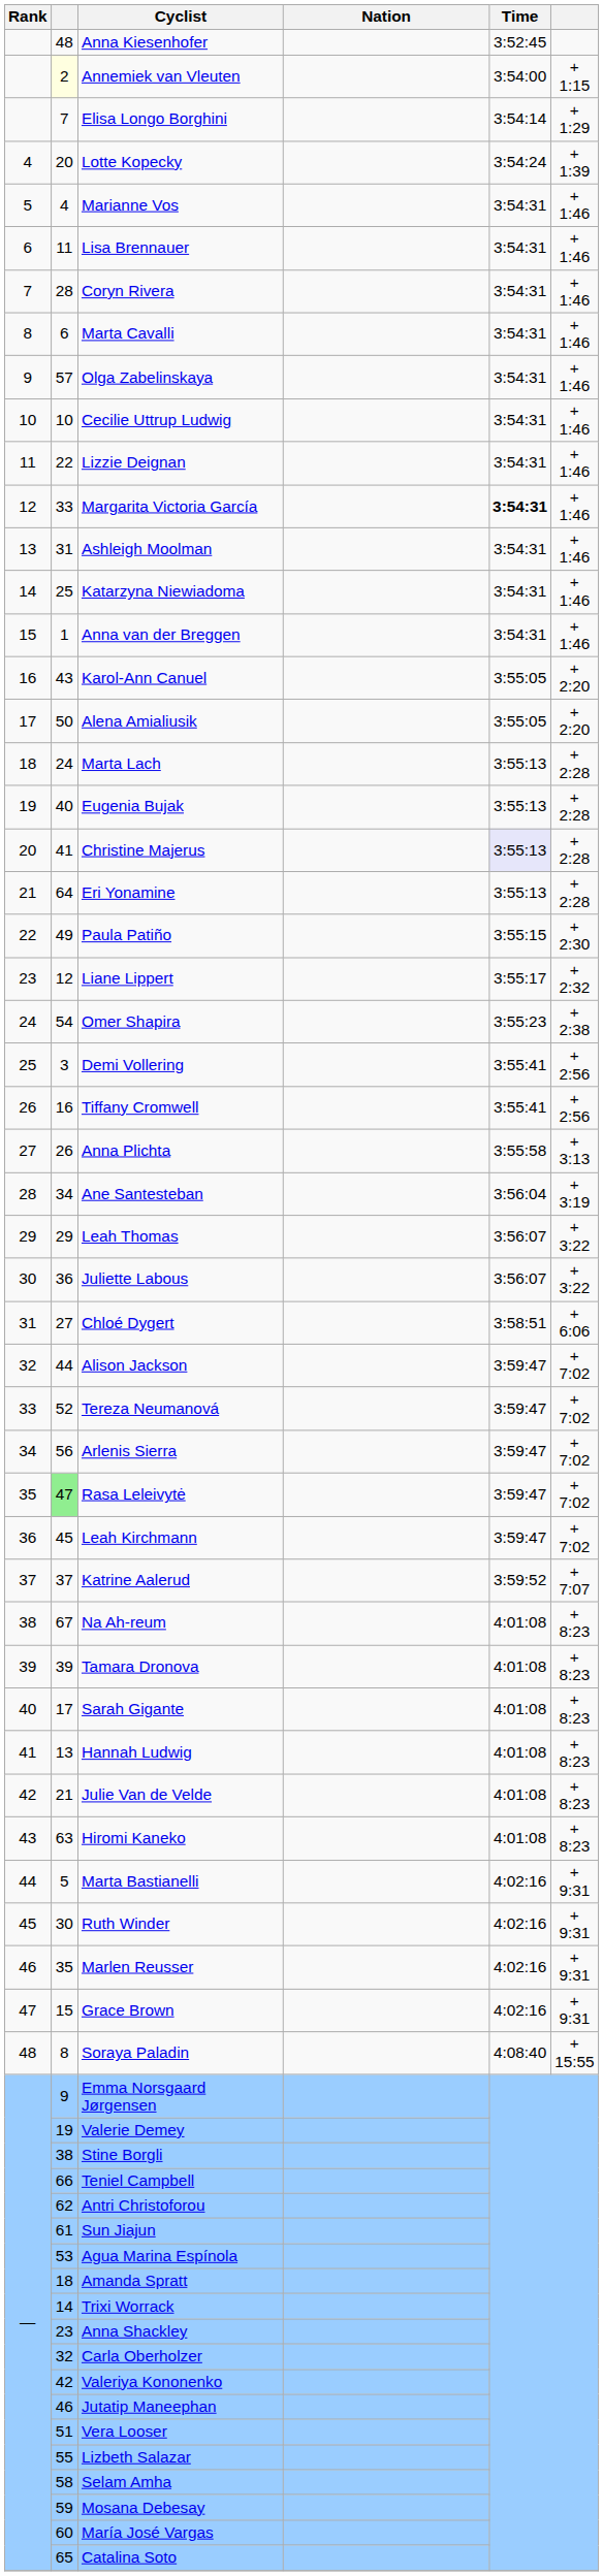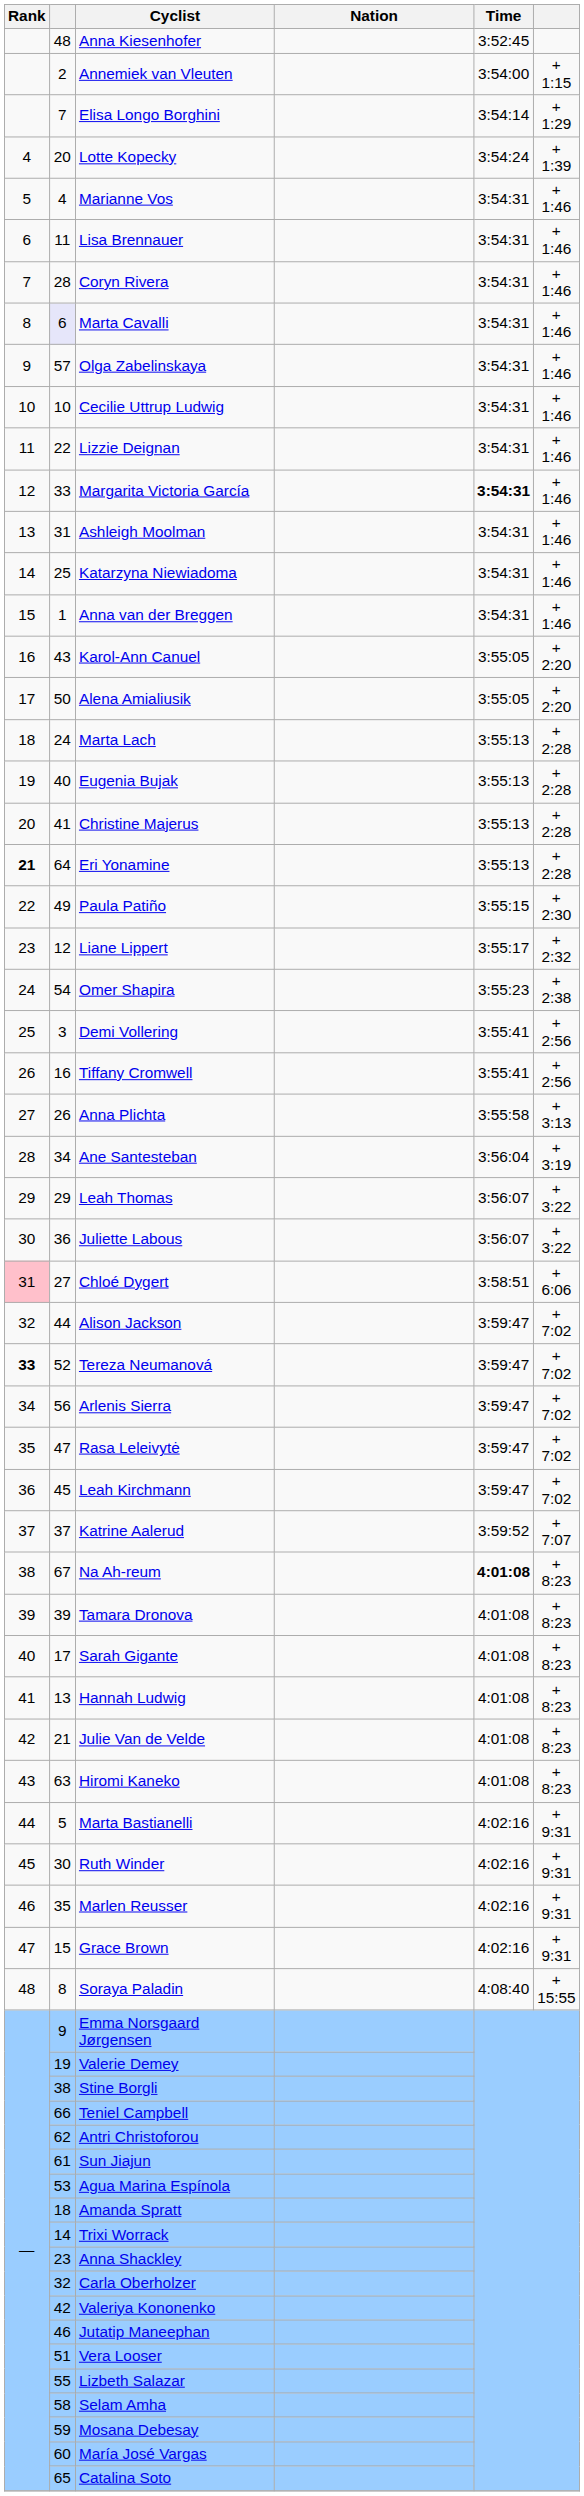 <table class="wikitable sortable" style="text-align:center">
 <tr style="background:#efefef;">
 <th width="30">Rank</th>
 <th width="20"></th>
 <th width="200">Cyclist</th>
 <th width="200">Nation</th>
 <th width="40">Time</th>
 <th width="40"></th>
 </tr>
 <tr>
 <td></td>
 <td>48</td>
 <td align="left"><a href='#'>Anna Kiesenhofer</a></td>
 <td align="left"></td>
 <td>3:52:45</td>
 <td></td>
 </tr>
 <tr>
 <td></td>
-<td style="background: lightyellow;">2</td>
+<td>2</td>
 <td align="left"><a href='#'>Annemiek van Vleuten</a></td>
 <td align="left"></td>
 <td>3:54:00</td>
 <td>+ 1:15</td>
 </tr>
 <tr>
 <td></td>
 <td>7</td>
 <td align="left"><a href='#'>Elisa Longo Borghini</a></td>
 <td align="left"></td>
 <td>3:54:14</td>
 <td>+ 1:29</td>
 </tr>
 <tr>
 <td>4</td>
 <td>20</td>
 <td align="left"><a href='#'>Lotte Kopecky</a></td>
 <td align="left"></td>
 <td>3:54:24</td>
 <td>+ 1:39</td>
 </tr>
 <tr>
 <td>5</td>
 <td>4</td>
 <td align="left"><a href='#'>Marianne Vos</a></td>
 <td align="left"></td>
 <td>3:54:31</td>
 <td>+ 1:46</td>
 </tr>
 <tr>
 <td>6</td>
 <td>11</td>
 <td align="left"><a href='#'>Lisa Brennauer</a></td>
 <td align="left"></td>
 <td>3:54:31</td>
 <td>+ 1:46</td>
 </tr>
 <tr>
 <td>7</td>
 <td>28</td>
 <td align="left"><a href='#'>Coryn Rivera</a></td>
 <td align="left"></td>
 <td>3:54:31</td>
 <td>+ 1:46</td>
 </tr>
 <tr>
 <td>8</td>
-<td>6</td>
+<td style="background: lavender;">6</td>
 <td align="left"><a href='#'>Marta Cavalli</a></td>
 <td align="left"></td>
 <td>3:54:31</td>
 <td>+ 1:46</td>
 </tr>
 <tr>
 <td>9</td>
 <td>57</td>
 <td align="left"><a href='#'>Olga Zabelinskaya</a></td>
 <td align="left"></td>
 <td>3:54:31</td>
 <td>+ 1:46</td>
 </tr>
 <tr>
 <td>10</td>
 <td>10</td>
 <td align="left"><a href='#'>Cecilie Uttrup Ludwig</a></td>
 <td align="left"></td>
 <td>3:54:31</td>
 <td>+ 1:46</td>
 </tr>
 <tr>
 <td>11</td>
 <td>22</td>
 <td align="left"><a href='#'>Lizzie Deignan</a></td>
 <td align="left"></td>
 <td>3:54:31</td>
 <td>+ 1:46</td>
 </tr>
 <tr>
 <td>12</td>
 <td>33</td>
 <td align="left"><a href='#'>Margarita Victoria García</a></td>
 <td align="left"></td>
 <td><strong>3:54:31</strong></td>
 <td>+ 1:46</td>
 </tr>
 <tr>
 <td>13</td>
 <td>31</td>
 <td align="left"><a href='#'>Ashleigh Moolman</a></td>
 <td align="left"></td>
 <td>3:54:31</td>
 <td>+ 1:46</td>
 </tr>
 <tr>
 <td>14</td>
 <td>25</td>
 <td align="left"><a href='#'>Katarzyna Niewiadoma</a></td>
 <td align="left"></td>
 <td>3:54:31</td>
 <td>+ 1:46</td>
 </tr>
 <tr>
 <td>15</td>
 <td>1</td>
 <td align="left"><a href='#'>Anna van der Breggen</a></td>
 <td align="left"></td>
 <td>3:54:31</td>
 <td>+ 1:46</td>
 </tr>
 <tr>
 <td>16</td>
 <td>43</td>
 <td align="left"><a href='#'>Karol-Ann Canuel</a></td>
 <td align="left"></td>
 <td>3:55:05</td>
 <td>+ 2:20</td>
 </tr>
 <tr>
 <td>17</td>
 <td>50</td>
 <td align="left"><a href='#'>Alena Amialiusik</a></td>
 <td align="left"></td>
 <td>3:55:05</td>
 <td>+ 2:20</td>
 </tr>
 <tr>
 <td>18</td>
 <td>24</td>
 <td align="left"><a href='#'>Marta Lach</a></td>
 <td align="left"></td>
 <td>3:55:13</td>
 <td>+ 2:28</td>
 </tr>
 <tr>
 <td>19</td>
 <td>40</td>
 <td align="left"><a href='#'>Eugenia Bujak</a></td>
 <td align="left"></td>
 <td>3:55:13</td>
 <td>+ 2:28</td>
 </tr>
 <tr>
 <td>20</td>
 <td>41</td>
 <td align="left"><a href='#'>Christine Majerus</a></td>
 <td align="left"></td>
-<td style="background: lavender;">3:55:13</td>
+<td>3:55:13</td>
 <td>+ 2:28</td>
 </tr>
 <tr>
-<td>21</td>
+<td><strong>21</strong></td>
 <td>64</td>
 <td align="left"><a href='#'>Eri Yonamine</a></td>
 <td align="left"></td>
 <td>3:55:13</td>
 <td>+ 2:28</td>
 </tr>
 <tr>
 <td>22</td>
 <td>49</td>
 <td align="left"><a href='#'>Paula Patiño</a></td>
 <td align="left"></td>
 <td>3:55:15</td>
 <td>+ 2:30</td>
 </tr>
 <tr>
 <td>23</td>
 <td>12</td>
 <td align="left"><a href='#'>Liane Lippert</a></td>
 <td align="left"></td>
 <td>3:55:17</td>
 <td>+ 2:32</td>
 </tr>
 <tr>
 <td>24</td>
 <td>54</td>
 <td align="left"><a href='#'>Omer Shapira</a></td>
 <td align="left"></td>
 <td>3:55:23</td>
 <td>+ 2:38</td>
 </tr>
 <tr>
 <td>25</td>
 <td>3</td>
 <td align="left"><a href='#'>Demi Vollering</a></td>
 <td align="left"></td>
 <td>3:55:41</td>
 <td>+ 2:56</td>
 </tr>
 <tr>
 <td>26</td>
 <td>16</td>
 <td align="left"><a href='#'>Tiffany Cromwell</a></td>
 <td align="left"></td>
 <td>3:55:41</td>
 <td>+ 2:56</td>
 </tr>
 <tr>
 <td>27</td>
 <td>26</td>
 <td align="left"><a href='#'>Anna Plichta</a></td>
 <td align="left"></td>
 <td>3:55:58</td>
 <td>+ 3:13</td>
 </tr>
 <tr>
 <td>28</td>
 <td>34</td>
 <td align="left"><a href='#'>Ane Santesteban</a></td>
 <td align="left"></td>
 <td>3:56:04</td>
 <td>+ 3:19</td>
 </tr>
 <tr>
 <td>29</td>
 <td>29</td>
 <td align="left"><a href='#'>Leah Thomas</a></td>
 <td align="left"></td>
 <td>3:56:07</td>
 <td>+ 3:22</td>
 </tr>
 <tr>
 <td>30</td>
 <td>36</td>
 <td align="left"><a href='#'>Juliette Labous</a></td>
 <td align="left"></td>
 <td>3:56:07</td>
 <td>+ 3:22</td>
 </tr>
 <tr>
-<td>31</td>
+<td style="background: pink;">31</td>
 <td>27</td>
 <td align="left"><a href='#'>Chloé Dygert</a></td>
 <td align="left"></td>
 <td>3:58:51</td>
 <td>+ 6:06</td>
 </tr>
 <tr>
 <td>32</td>
 <td>44</td>
 <td align="left"><a href='#'>Alison Jackson</a></td>
 <td align="left"></td>
 <td>3:59:47</td>
 <td>+ 7:02</td>
 </tr>
 <tr>
-<td>33</td>
+<td><strong>33</strong></td>
 <td>52</td>
 <td align="left"><a href='#'>Tereza Neumanová</a></td>
 <td align="left"></td>
 <td>3:59:47</td>
 <td>+ 7:02</td>
 </tr>
 <tr>
 <td>34</td>
 <td>56</td>
 <td align="left"><a href='#'>Arlenis Sierra</a></td>
 <td align="left"></td>
 <td>3:59:47</td>
 <td>+ 7:02</td>
 </tr>
 <tr>
 <td>35</td>
-<td style="background: lightgreen;">47</td>
+<td>47</td>
 <td align="left"><a href='#'>Rasa Leleivytė</a></td>
 <td align="left"></td>
 <td>3:59:47</td>
 <td>+ 7:02</td>
 </tr>
 <tr>
 <td>36</td>
 <td>45</td>
 <td align="left"><a href='#'>Leah Kirchmann</a></td>
 <td align="left"></td>
 <td>3:59:47</td>
 <td>+ 7:02</td>
 </tr>
 <tr>
 <td>37</td>
 <td>37</td>
 <td align="left"><a href='#'>Katrine Aalerud</a></td>
 <td align="left"></td>
 <td>3:59:52</td>
 <td>+ 7:07</td>
 </tr>
 <tr>
 <td>38</td>
 <td>67</td>
 <td align="left"><a href='#'>Na Ah-reum</a></td>
 <td align="left"></td>
-<td>4:01:08</td>
+<td><strong>4:01:08</strong></td>
 <td>+ 8:23</td>
 </tr>
 <tr>
 <td>39</td>
 <td>39</td>
 <td align="left"><a href='#'>Tamara Dronova</a></td>
 <td align="left"></td>
 <td>4:01:08</td>
 <td>+ 8:23</td>
 </tr>
 <tr>
 <td>40</td>
 <td>17</td>
 <td align="left"><a href='#'>Sarah Gigante</a></td>
 <td align="left"></td>
 <td>4:01:08</td>
 <td>+ 8:23</td>
 </tr>
 <tr>
 <td>41</td>
 <td>13</td>
 <td align="left"><a href='#'>Hannah Ludwig</a></td>
 <td align="left"></td>
 <td>4:01:08</td>
 <td>+ 8:23</td>
 </tr>
 <tr>
 <td>42</td>
 <td>21</td>
 <td align="left"><a href='#'>Julie Van de Velde</a></td>
 <td align="left"></td>
 <td>4:01:08</td>
 <td>+ 8:23</td>
 </tr>
 <tr>
 <td>43</td>
 <td>63</td>
 <td align="left"><a href='#'>Hiromi Kaneko</a></td>
 <td align="left"></td>
 <td>4:01:08</td>
 <td>+ 8:23</td>
 </tr>
 <tr>
 <td>44</td>
 <td>5</td>
 <td align="left"><a href='#'>Marta Bastianelli</a></td>
 <td align="left"></td>
 <td>4:02:16</td>
 <td>+ 9:31</td>
 </tr>
 <tr>
 <td>45</td>
 <td>30</td>
 <td align="left"><a href='#'>Ruth Winder</a></td>
 <td align="left"></td>
 <td>4:02:16</td>
 <td>+ 9:31</td>
 </tr>
 <tr>
 <td>46</td>
 <td>35</td>
 <td align="left"><a href='#'>Marlen Reusser</a></td>
 <td align="left"></td>
 <td>4:02:16</td>
 <td>+ 9:31</td>
 </tr>
 <tr>
 <td>47</td>
 <td>15</td>
 <td align="left"><a href='#'>Grace Brown</a></td>
 <td align="left"></td>
 <td>4:02:16</td>
 <td>+ 9:31</td>
 </tr>
 <tr>
 <td>48</td>
 <td>8</td>
 <td align="left"><a href='#'>Soraya Paladin</a></td>
 <td align="left"></td>
 <td>4:08:40</td>
 <td>+ 15:55</td>
 </tr>
 <tr bgcolor=#9acdff>
 <td rowspan="19" data-sort-value="49">—</td>
 <td>9</td>
 <td align="left"><a href='#'>Emma Norsgaard Jørgensen</a></td>
 <td align="left"></td>
 <td rowspan="19" colspan="2" align="center"></td>
 </tr>
 <tr bgcolor=#9acdff>
 <td>19</td>
 <td align="left"><a href='#'>Valerie Demey</a></td>
 <td align="left"></td>
 </tr>
 <tr bgcolor=#9acdff>
 <td>38</td>
 <td align="left"><a href='#'>Stine Borgli</a></td>
 <td align="left"></td>
 </tr>
 <tr bgcolor=#9acdff>
 <td>66</td>
 <td align="left"><a href='#'>Teniel Campbell</a></td>
 <td align="left"></td>
 </tr>
 <tr bgcolor=#9acdff>
 <td>62</td>
 <td align="left"><a href='#'>Antri Christoforou</a></td>
 <td align="left"></td>
 </tr>
 <tr bgcolor=#9acdff>
 <td>61</td>
 <td align="left"><a href='#'>Sun Jiajun</a></td>
 <td align="left"></td>
 </tr>
 <tr bgcolor=#9acdff>
 <td>53</td>
 <td align="left"><a href='#'>Agua Marina Espínola</a></td>
 <td align="left"></td>
 </tr>
 <tr bgcolor=#9acdff>
 <td>18</td>
 <td align="left"><a href='#'>Amanda Spratt</a></td>
 <td align="left"></td>
 </tr>
 <tr bgcolor=#9acdff>
 <td>14</td>
 <td align="left"><a href='#'>Trixi Worrack</a></td>
 <td align="left"></td>
 </tr>
 <tr bgcolor=#9acdff>
 <td>23</td>
 <td align="left"><a href='#'>Anna Shackley</a></td>
 <td align="left"></td>
 </tr>
 <tr bgcolor=#9acdff>
 <td>32</td>
 <td align="left"><a href='#'>Carla Oberholzer</a></td>
 <td align="left"></td>
 </tr>
 <tr bgcolor=#9acdff>
 <td>42</td>
 <td align="left"><a href='#'>Valeriya Kononenko</a></td>
 <td align="left"></td>
 </tr>
 <tr bgcolor=#9acdff>
 <td>46</td>
 <td align="left"><a href='#'>Jutatip Maneephan</a></td>
 <td align="left"></td>
 </tr>
 <tr bgcolor=#9acdff>
 <td>51</td>
 <td align="left"><a href='#'>Vera Looser</a></td>
 <td align="left"></td>
 </tr>
 <tr bgcolor=#9acdff>
 <td>55</td>
 <td align="left"><a href='#'>Lizbeth Salazar</a></td>
 <td align="left"></td>
 </tr>
 <tr bgcolor=#9acdff>
 <td>58</td>
 <td align="left"><a href='#'>Selam Amha</a></td>
 <td align="left"></td>
 </tr>
 <tr bgcolor=#9acdff>
 <td>59</td>
 <td align="left"><a href='#'>Mosana Debesay</a></td>
 <td align="left"></td>
 </tr>
 <tr bgcolor=#9acdff>
 <td>60</td>
 <td align="left"><a href='#'>María José Vargas</a></td>
 <td align="left"></td>
 </tr>
 <tr bgcolor=#9acdff>
 <td>65</td>
 <td align="left"><a href='#'>Catalina Soto</a></td>
 <td align="left"></td>
 </tr>
 <tr>
 </tr>
 </table>
